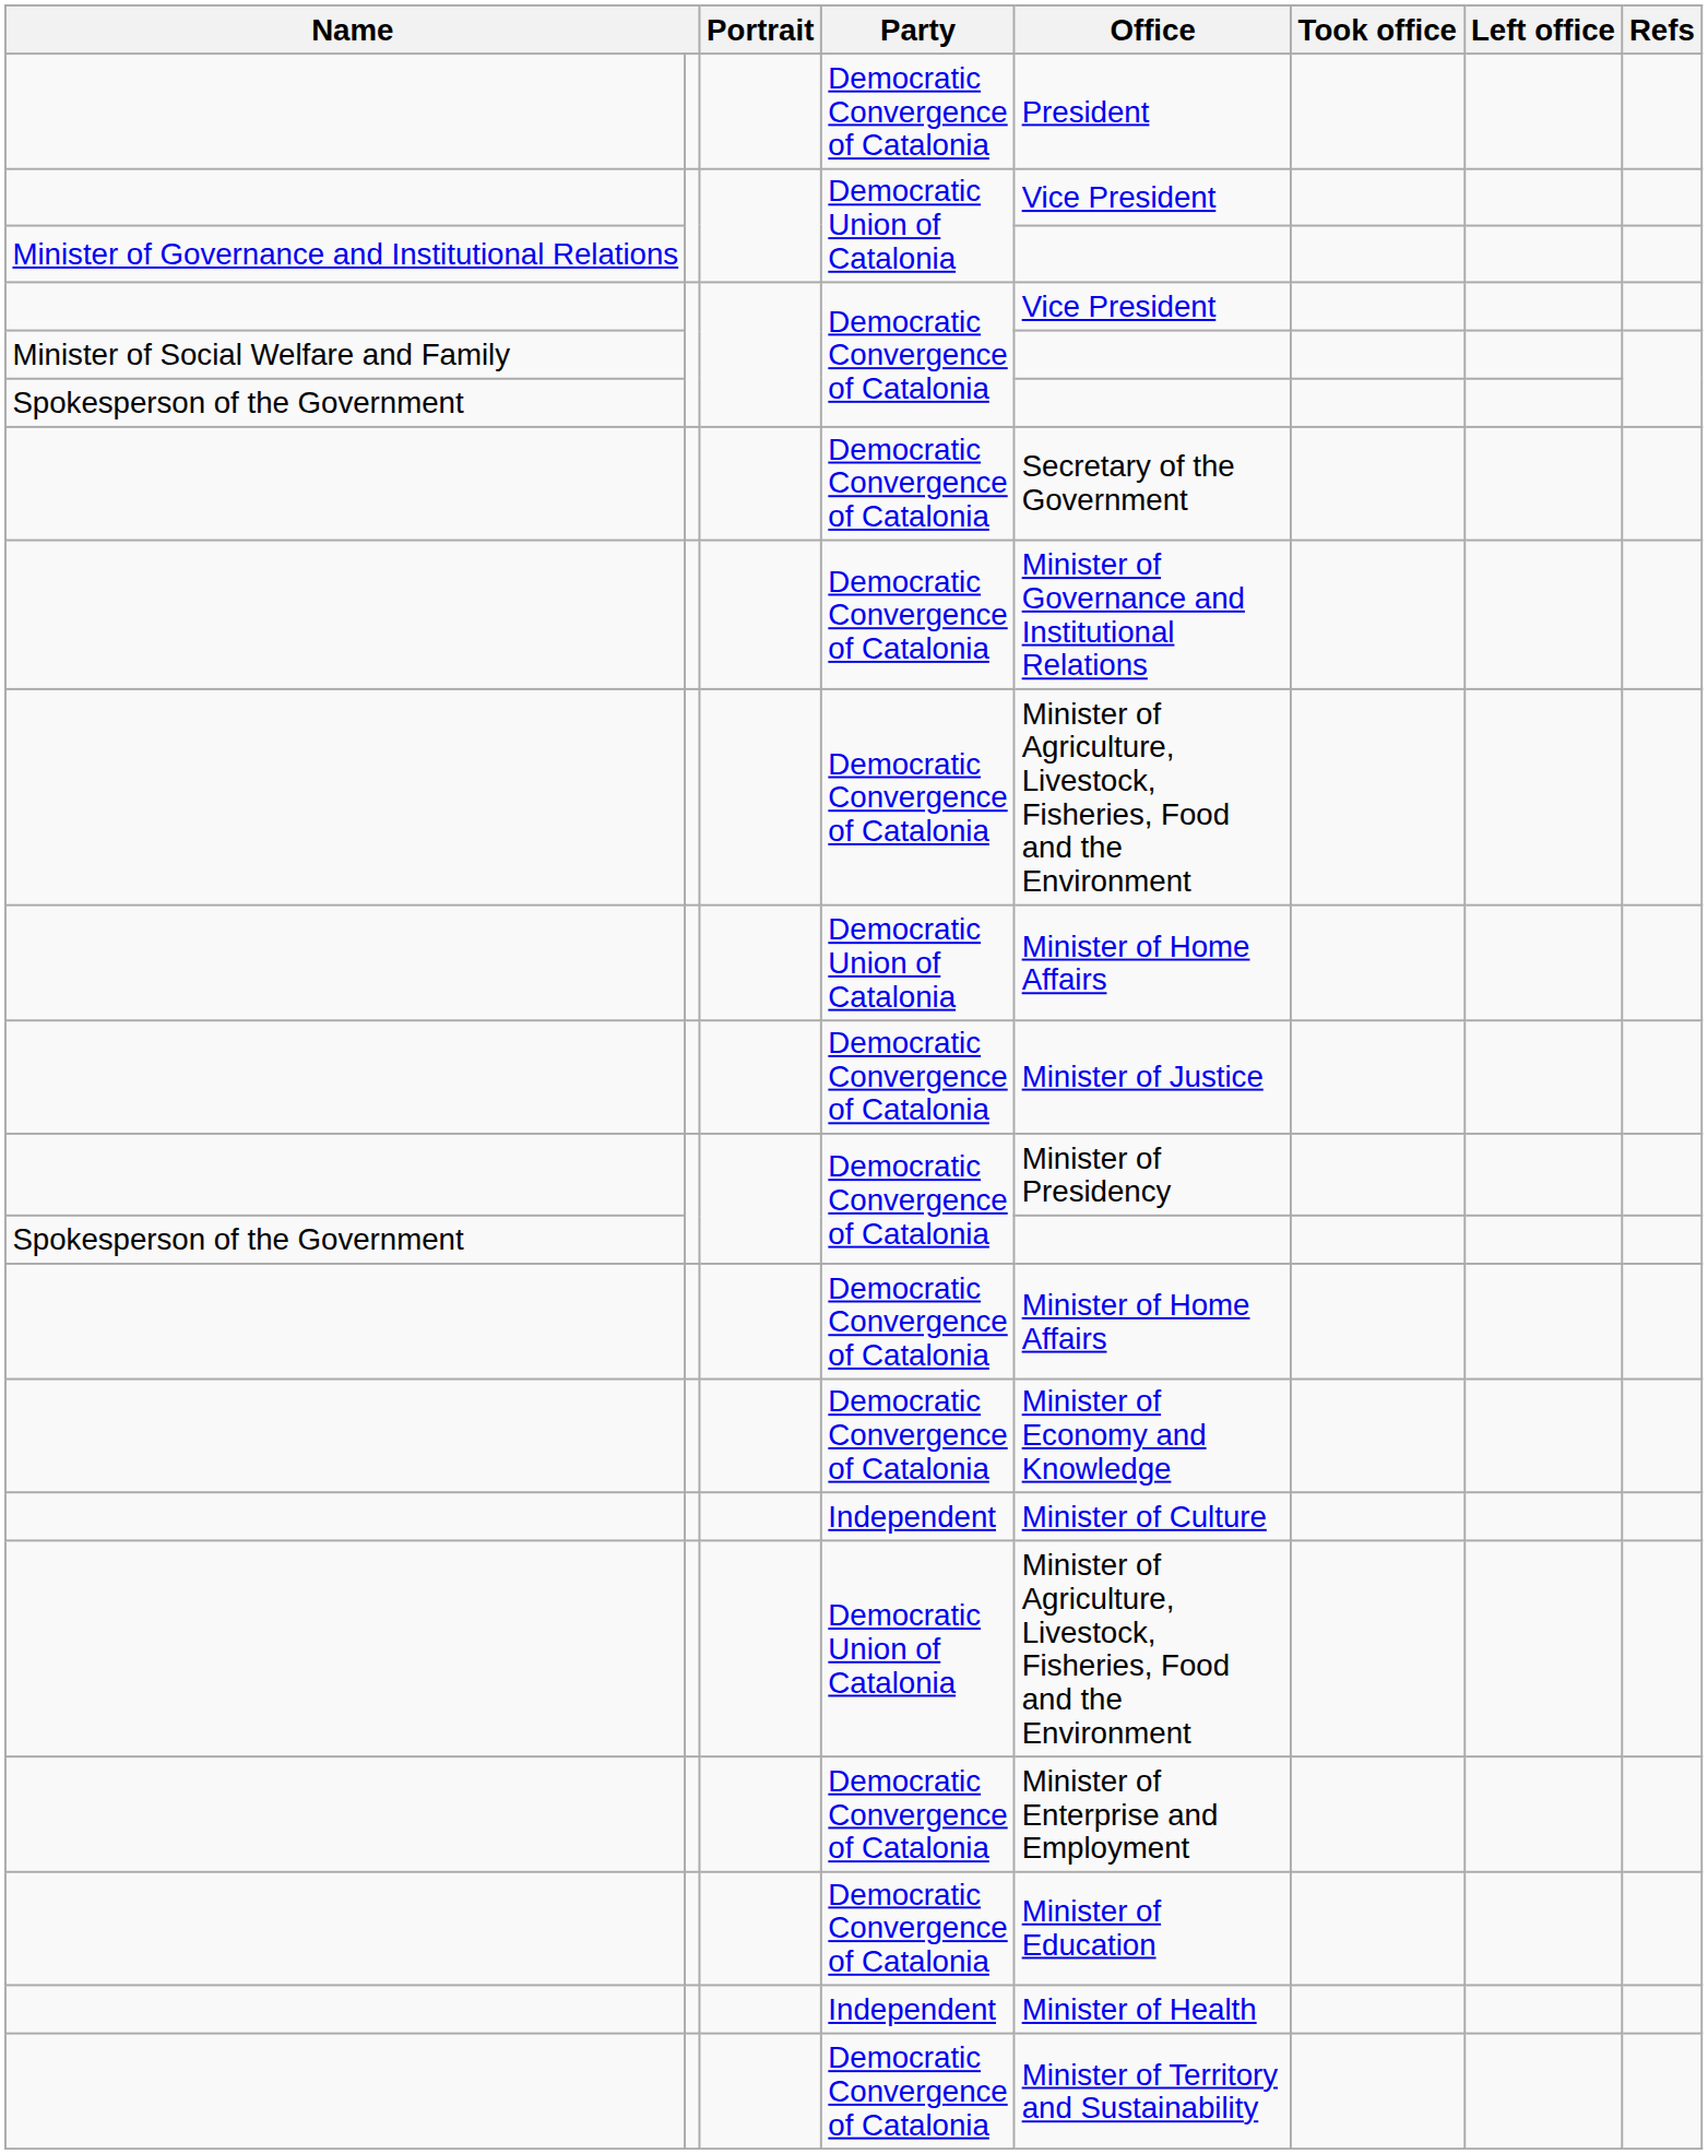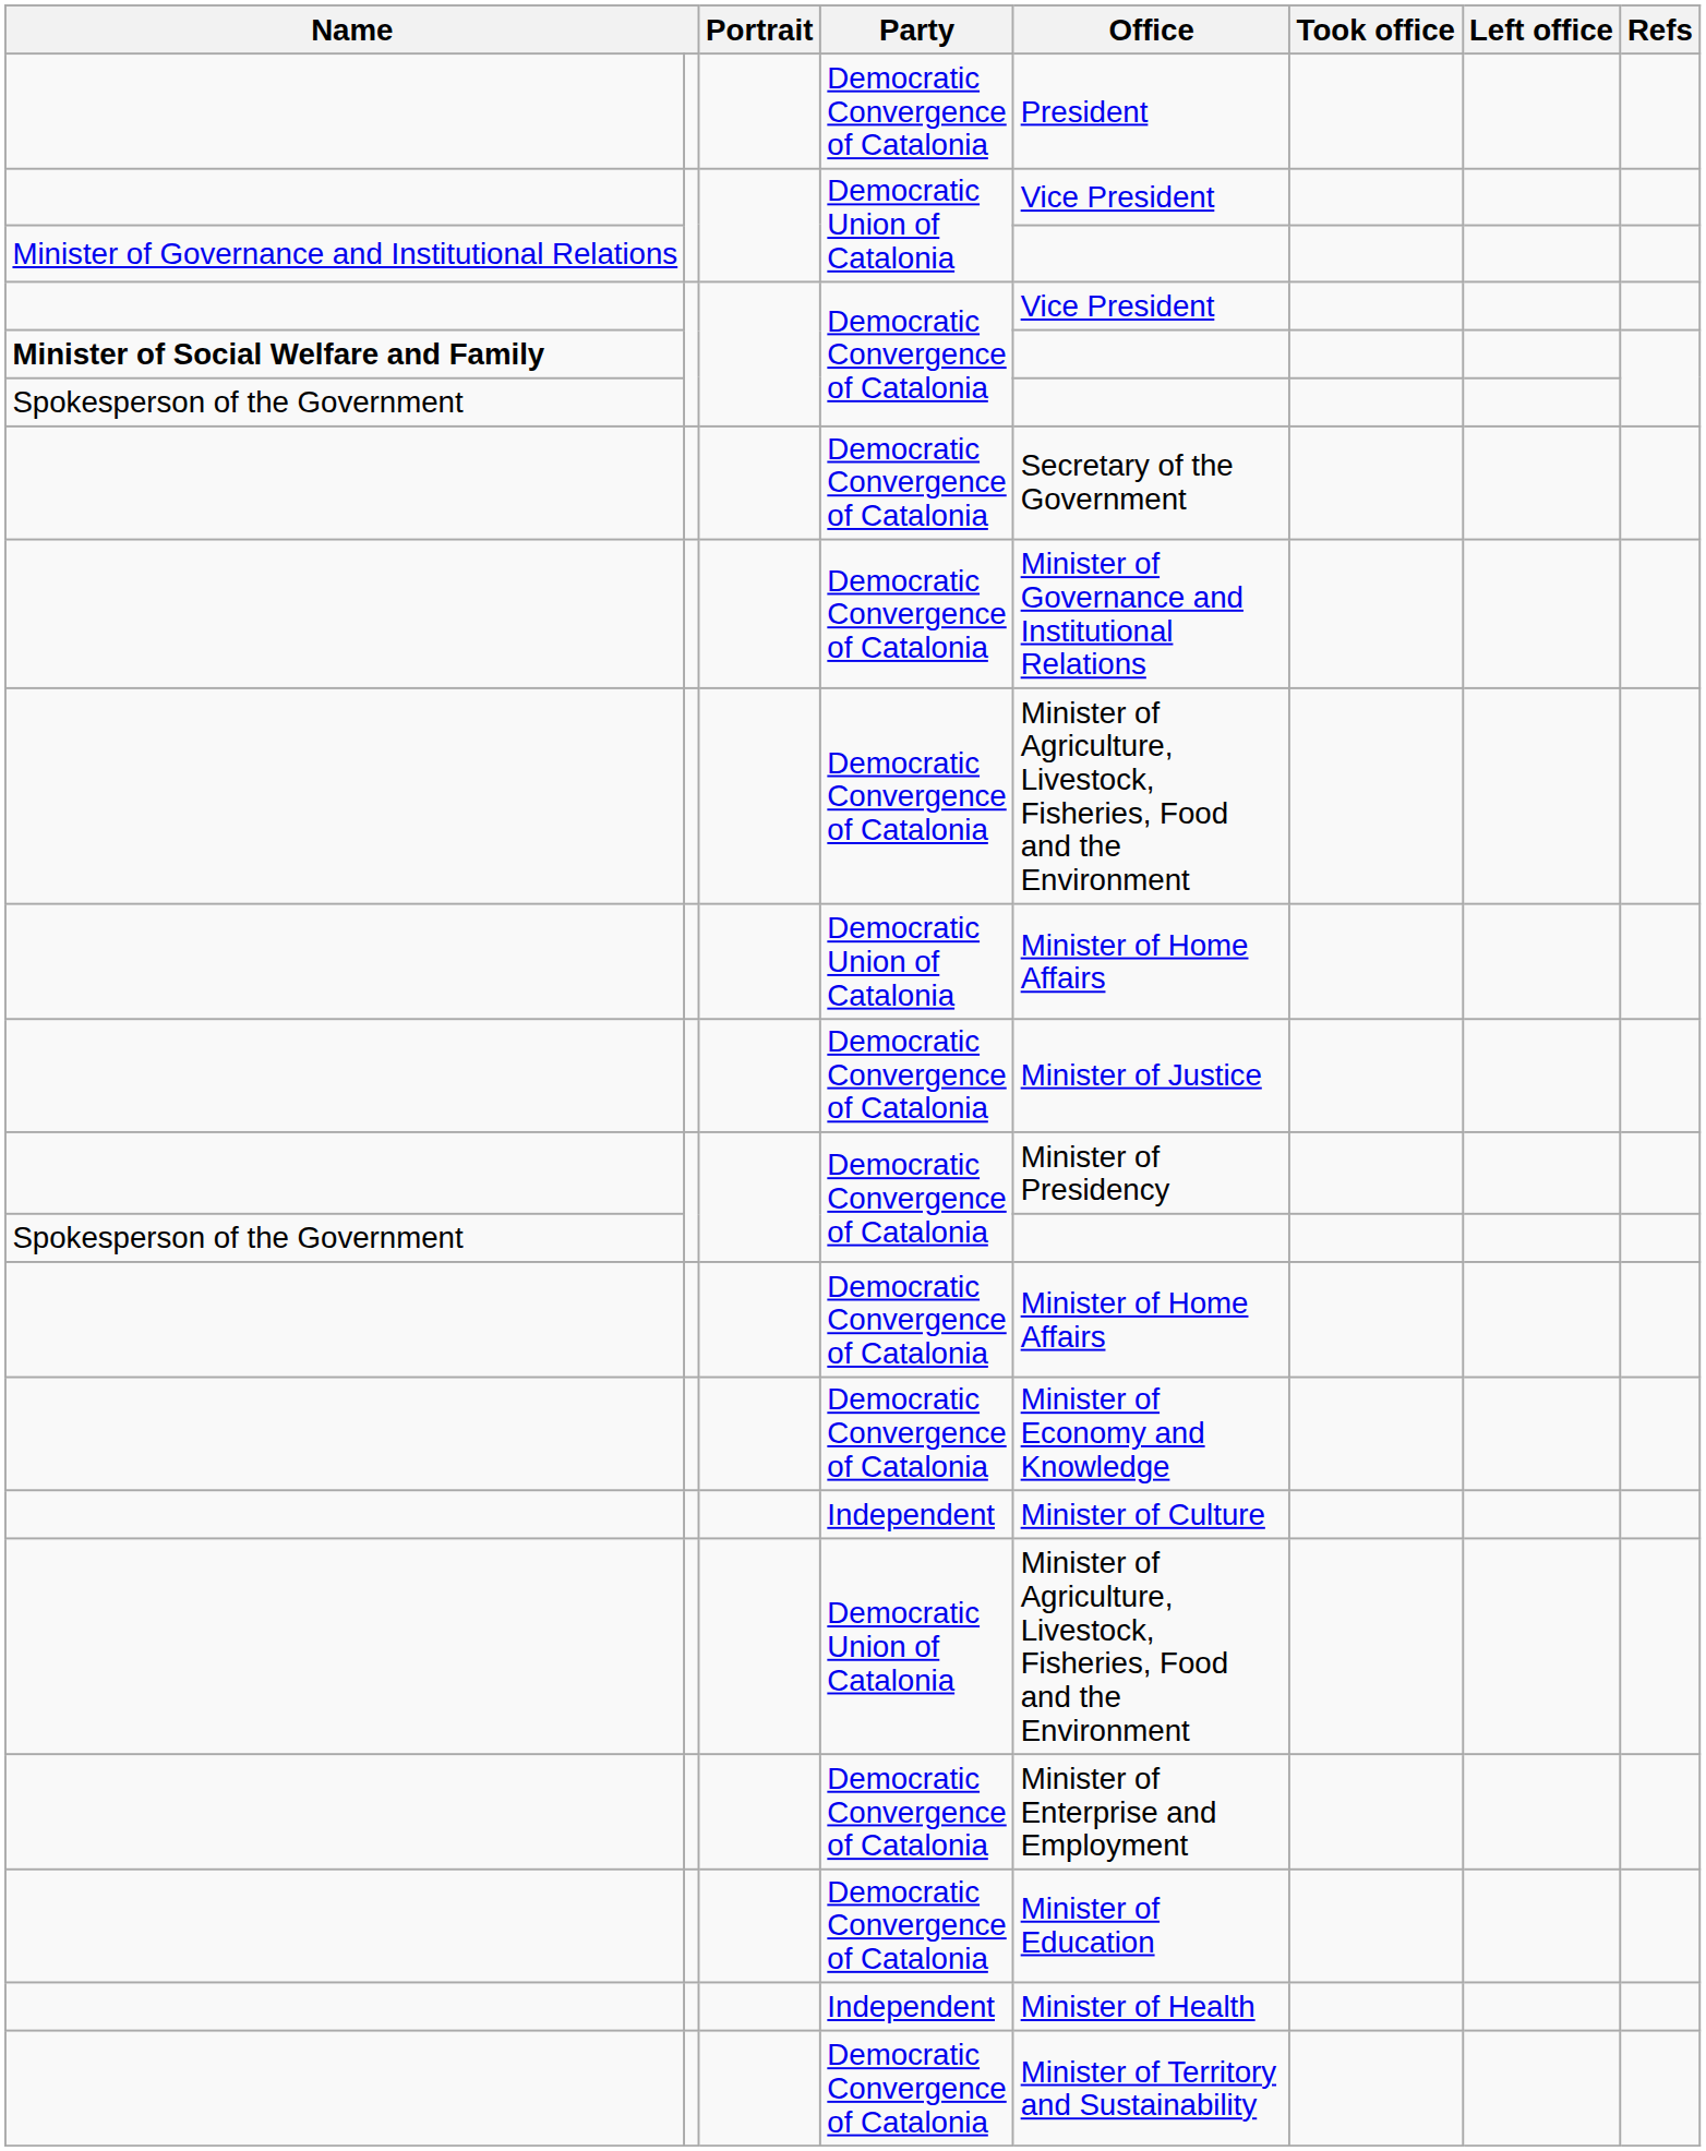 <table class="wikitable plainrowheaders sortable" style="font-size:90%; text-align:left;">
 <tr>
 <th scope=col colspan="2">Name</th>
 <th scope=col class=unsortable>Portrait</th>
 <th scope=col width=75px>Party</th>
 <th scope=col width=125px>Office</th>
 <th scope=col>Took office</th>
 <th scope=col>Left office</th>
 <th scope=col width=25px class=unsortable>Refs</th>
 </tr>
 <tr>
 <td !align="center" style="background:"></td>
 <td></td>
 <td align=center></td>
 <td><a href='#'>Democratic Convergence of Catalonia</a></td>
 <td><a href='#'>President</a></td>
 <td align=center></td>
 <td align=center></td>
 <td align=center></td>
 </tr>
 <tr>
 <td !align="center" style="background:"></td>
 <td rowspan=2></td>
 <td align=center rowspan=2></td>
 <td rowspan=2><a href='#'>Democratic Union of Catalonia</a></td>
 <td><a href='#'>Vice President</a></td>
 <td align=center></td>
 <td align=center></td>
 <td align=center></td>
 </tr>
 <tr>
 <td><a href='#'>Minister of Governance and Institutional Relations</a></td>
 <td align=center></td>
 <td align=center></td>
 <td align=center></td>
 </tr>
 <tr>
 <td !align="center" style="background:"></td>
 <td rowspan=3></td>
 <td align=center rowspan=3></td>
 <td rowspan=3><a href='#'>Democratic Convergence of Catalonia</a></td>
 <td><a href='#'>Vice President</a></td>
 <td align=center></td>
 <td align=center></td>
 <td align=center></td>
 </tr>
 <tr>
-<td>Minister of Social Welfare and Family</td>
+<td><strong>Minister of Social Welfare and Family</strong></td>
 <td align=center></td>
 <td align=center></td>
 <td align=center></td>
 </tr>
 <tr>
 <td>Spokesperson of the Government</td>
 <td align=center></td>
 <td align=center></td>
 <td align=center></td>
 </tr>
 <tr>
 <td !align="center" style="background:"></td>
 <td></td>
 <td align=center></td>
 <td><a href='#'>Democratic Convergence of Catalonia</a></td>
 <td>Secretary of the Government</td>
 <td align=center></td>
 <td align=center></td>
 <td align=center></td>
 </tr>
 <tr>
 <td !align="center" style="background:"></td>
 <td></td>
 <td align=center></td>
 <td><a href='#'>Democratic Convergence of Catalonia</a></td>
 <td><a href='#'>Minister of Governance and Institutional Relations</a></td>
 <td align=center></td>
 <td align=center></td>
 <td align=center></td>
 </tr>
 <tr>
 <td !align="center" style="background:"></td>
 <td></td>
 <td align=center></td>
 <td><a href='#'>Democratic Convergence of Catalonia</a></td>
 <td>Minister of Agriculture, Livestock, Fisheries, Food and the Environment</td>
 <td align=center></td>
 <td align=center></td>
 <td align=center></td>
 </tr>
 <tr>
 <td !align="center" style="background:"></td>
 <td></td>
 <td align=center></td>
 <td><a href='#'>Democratic Union of Catalonia</a></td>
 <td><a href='#'>Minister of Home Affairs</a></td>
 <td align=center></td>
 <td align=center></td>
 <td align=center></td>
 </tr>
 <tr>
 <td !align="center" style="background:"></td>
 <td></td>
 <td align=center></td>
 <td><a href='#'>Democratic Convergence of Catalonia</a></td>
 <td><a href='#'>Minister of Justice</a></td>
 <td align=center></td>
 <td align=center></td>
 <td align=center></td>
 </tr>
 <tr>
 <td !align="center" style="background:"></td>
 <td rowspan=2></td>
 <td align=center rowspan=2></td>
 <td rowspan=2><a href='#'>Democratic Convergence of Catalonia</a></td>
 <td>Minister of Presidency</td>
 <td align=center></td>
 <td align=center></td>
 <td align=center></td>
 </tr>
 <tr>
 <td>Spokesperson of the Government</td>
 <td align=center></td>
 <td align=center></td>
 <td align=center></td>
 </tr>
 <tr>
 <td !align="center" style="background:"></td>
 <td></td>
 <td align=center></td>
 <td><a href='#'>Democratic Convergence of Catalonia</a></td>
 <td><a href='#'>Minister of Home Affairs</a></td>
 <td align=center></td>
 <td align=center></td>
 <td align=center></td>
 </tr>
 <tr>
 <td !align="center" style="background:"></td>
 <td></td>
 <td align=center></td>
 <td><a href='#'>Democratic Convergence of Catalonia</a></td>
 <td><a href='#'>Minister of Economy and Knowledge</a></td>
 <td align=center></td>
 <td align=center></td>
 <td align=center></td>
 </tr>
 <tr>
 <td !align="center" style="background:"></td>
 <td></td>
 <td align=center></td>
 <td><a href='#'>Independent</a></td>
 <td><a href='#'>Minister of Culture</a></td>
 <td align=center></td>
 <td align=center></td>
 <td align=center></td>
 </tr>
 <tr>
 <td !align="center" style="background:"></td>
 <td></td>
 <td align=center></td>
 <td><a href='#'>Democratic Union of Catalonia</a></td>
 <td>Minister of Agriculture, Livestock, Fisheries, Food and the Environment</td>
 <td align=center></td>
 <td align=center></td>
 <td align=center></td>
 </tr>
 <tr>
 <td !align="center" style="background:"></td>
 <td></td>
 <td align=center></td>
 <td><a href='#'>Democratic Convergence of Catalonia</a></td>
 <td>Minister of Enterprise and Employment</td>
 <td align=center></td>
 <td align=center></td>
 <td align=center></td>
 </tr>
 <tr>
 <td !align="center" style="background:"></td>
 <td></td>
 <td align=center></td>
 <td><a href='#'>Democratic Convergence of Catalonia</a></td>
 <td><a href='#'>Minister of Education</a></td>
 <td align=center></td>
 <td align=center></td>
 <td align=center></td>
 </tr>
 <tr>
 <td !align="center" style="background:"></td>
 <td></td>
 <td align=center></td>
 <td><a href='#'>Independent</a></td>
 <td><a href='#'>Minister of Health</a></td>
 <td align=center></td>
 <td align=center></td>
 <td align=center></td>
 </tr>
 <tr>
 <td !align="center" style="background:"></td>
 <td></td>
 <td align=center></td>
 <td><a href='#'>Democratic Convergence of Catalonia</a></td>
 <td><a href='#'>Minister of Territory and Sustainability</a></td>
 <td align=center></td>
 <td align=center></td>
 <td align=center></td>
 </tr>
 </table>
